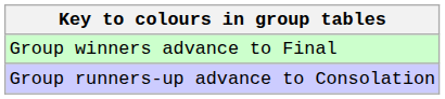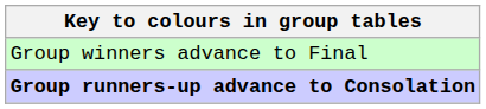 <table class="wikitable">
 <tr>
 <th>Key to colours in group tables</th>
 </tr>
 <tr bgcolor="#ccffcc">
 <td>Group winners advance to Final</td>
 </tr>
 <tr bgcolor="#ccccff">
-<td>Group runners-up advance to Consolation</td>
+<td><strong>Group runners-up advance to Consolation</strong></td>
 </tr>
 </table>
